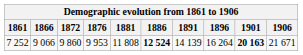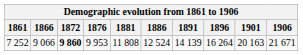 <table class="wikitable">
 <tr>
 <th colspan="10">Demographic evolution from 1861 to 1906</th>
 </tr>
 <tr>
 <th>1861</th>
 <th>1866</th>
 <th>1872</th>
 <th>1876</th>
 <th>1881</th>
 <th>1886</th>
 <th>1891</th>
 <th>1896</th>
 <th>1901</th>
 <th>1906</th>
 </tr>
 <tr>
 <td>7 252</td>
 <td>9 066</td>
-<td>9 860</td>
+<td><strong>9 860</strong></td>
 <td>9 953</td>
 <td>11 808</td>
-<td><strong>12 524</strong></td>
+<td>12 524</td>
 <td>14 139</td>
 <td>16 264</td>
-<td><strong>20 163</strong></td>
+<td>20 163</td>
 <td>21 671</td>
 </tr>
 </table>
